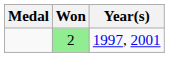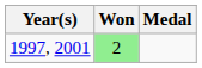 <table class="wikitable" style="text-align: center">
 <tr>
+<th>Year(s)</th>
+<th>Won</th>
 <th>Medal</th>
-<th>Won</th>
-<th>Year(s)</th>
 </tr>
 <tr>
+<td align="left"><a href='#'>1997</a>, <a href='#'>2001</a></td>
+<td style="background: lightgreen;">2</td>
 <td></td>
-<td style="background: lightgreen;">2</td>
-<td align="left"><a href='#'>1997</a>, <a href='#'>2001</a></td>
 </tr>
 </table>
